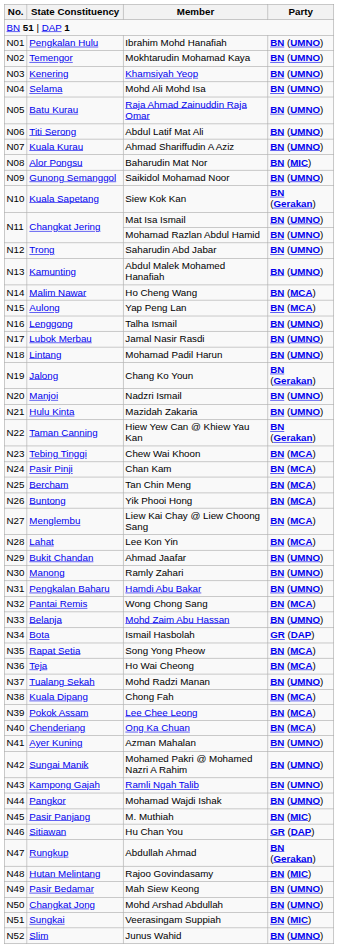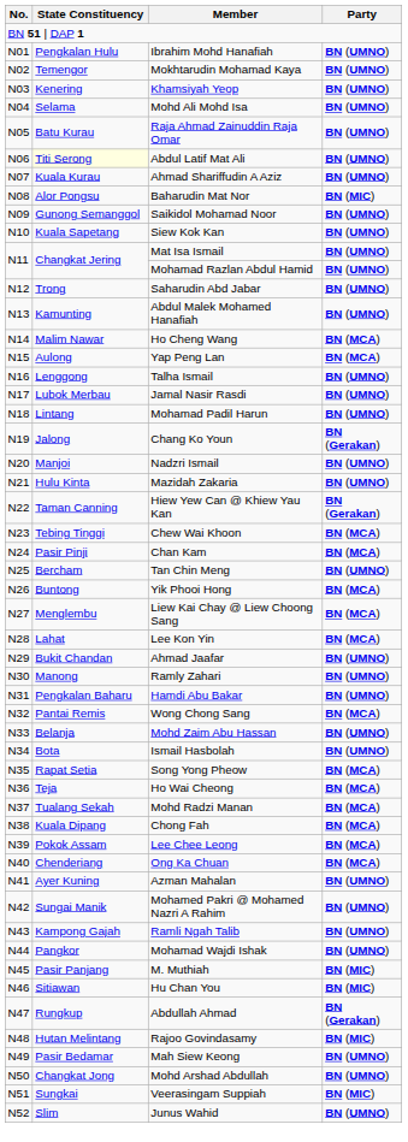 <table class="wikitable sortable">
 <tr>
 <th style="width:30px;">No.</th>
 <th style="width:150px;">State Constituency</th>
 <th style="width:230px;">Member</th>
 <th style="width:100px;">Party</th>
 </tr>
 <tr>
 <td colspan="4"><a href='#'>BN</a> <strong>51</strong> | <a href='#'>DAP</a> <strong>1</strong></td>
 </tr>
 <tr>
 <td>N01</td>
 <td><a href='#'>Pengkalan Hulu</a></td>
 <td>Ibrahim Mohd Hanafiah</td>
 <td><strong><a href='#'>BN</a></strong> (<strong><a href='#'>UMNO</a></strong>)</td>
 </tr>
 <tr>
 <td>N02</td>
 <td><a href='#'>Temengor</a></td>
 <td>Mokhtarudin Mohamad Kaya</td>
 <td><strong><a href='#'>BN</a></strong> (<strong><a href='#'>UMNO</a></strong>)</td>
 </tr>
 <tr>
 <td>N03</td>
 <td><a href='#'>Kenering</a></td>
 <td><a href='#'>Khamsiyah Yeop</a></td>
 <td><strong><a href='#'>BN</a></strong> (<strong><a href='#'>UMNO</a></strong>)</td>
 </tr>
 <tr>
 <td>N04</td>
 <td><a href='#'>Selama</a></td>
 <td>Mohd Ali Mohd Isa</td>
 <td><strong><a href='#'>BN</a></strong> (<strong><a href='#'>UMNO</a></strong>)</td>
 </tr>
 <tr>
 <td>N05</td>
 <td><a href='#'>Batu Kurau</a></td>
 <td><a href='#'>Raja Ahmad Zainuddin Raja Omar</a></td>
 <td><strong><a href='#'>BN</a></strong> (<strong><a href='#'>UMNO</a></strong>)</td>
 </tr>
 <tr>
 <td>N06</td>
-<td><a href='#'>Titi Serong</a></td>
+<td style="background: lightyellow;"><a href='#'>Titi Serong</a></td>
 <td>Abdul Latif Mat Ali</td>
 <td><strong><a href='#'>BN</a></strong> (<strong><a href='#'>UMNO</a></strong>)</td>
 </tr>
 <tr>
 <td>N07</td>
 <td><a href='#'>Kuala Kurau</a></td>
 <td>Ahmad Shariffudin A Aziz</td>
 <td><strong><a href='#'>BN</a></strong> (<strong><a href='#'>UMNO</a></strong>)</td>
 </tr>
 <tr>
 <td>N08</td>
 <td><a href='#'>Alor Pongsu</a></td>
 <td>Baharudin Mat Nor</td>
 <td><strong><a href='#'>BN</a></strong> (<strong><a href='#'>MIC</a></strong>)</td>
 </tr>
 <tr>
 <td>N09</td>
 <td><a href='#'>Gunong Semanggol</a></td>
 <td>Saikidol Mohamad Noor</td>
 <td><strong><a href='#'>BN</a></strong> (<strong><a href='#'>UMNO</a></strong>)</td>
 </tr>
 <tr>
 <td>N10</td>
 <td><a href='#'>Kuala Sapetang</a></td>
 <td>Siew Kok Kan</td>
-<td><strong><a href='#'>BN</a></strong> (<strong><a href='#'>Gerakan</a></strong>)</td>
+<td><strong><a href='#'>BN</a></strong> (<strong><a href='#'>UMNO</a></strong>)</td>
 </tr>
 <tr>
 <td rowspan=2>N11</td>
 <td rowspan=2><a href='#'>Changkat Jering</a></td>
 <td>Mat Isa Ismail </td>
 <td><strong><a href='#'>BN</a></strong> (<strong><a href='#'>UMNO</a></strong>)</td>
 </tr>
 <tr>
 <td>Mohamad Razlan Abdul Hamid </td>
 <td><strong><a href='#'>BN</a></strong> (<strong><a href='#'>UMNO</a></strong>)</td>
 </tr>
 <tr>
 <td>N12</td>
 <td><a href='#'>Trong</a></td>
 <td>Saharudin Abd Jabar</td>
 <td><strong><a href='#'>BN</a></strong> (<strong><a href='#'>UMNO</a></strong>)</td>
 </tr>
 <tr>
 <td>N13</td>
 <td><a href='#'>Kamunting</a></td>
 <td>Abdul Malek Mohamed Hanafiah</td>
 <td><strong><a href='#'>BN</a></strong> (<strong><a href='#'>UMNO</a></strong>)</td>
 </tr>
 <tr>
 <td>N14</td>
 <td><a href='#'>Malim Nawar</a></td>
 <td>Ho Cheng Wang</td>
 <td><strong><a href='#'>BN</a></strong> (<strong><a href='#'>MCA</a></strong>)</td>
 </tr>
 <tr>
 <td>N15</td>
 <td><a href='#'>Aulong</a></td>
 <td>Yap Peng Lan</td>
 <td><strong><a href='#'>BN</a></strong> (<strong><a href='#'>MCA</a></strong>)</td>
 </tr>
 <tr>
 <td>N16</td>
 <td><a href='#'>Lenggong</a></td>
 <td>Talha Ismail</td>
 <td><strong><a href='#'>BN</a></strong> (<strong><a href='#'>UMNO</a></strong>)</td>
 </tr>
 <tr>
 <td>N17</td>
 <td><a href='#'>Lubok Merbau</a></td>
 <td>Jamal Nasir Rasdi</td>
 <td><strong><a href='#'>BN</a></strong> (<strong><a href='#'>UMNO</a></strong>)</td>
 </tr>
 <tr>
 <td>N18</td>
 <td><a href='#'>Lintang</a></td>
 <td>Mohamad Padil Harun</td>
 <td><strong><a href='#'>BN</a></strong> (<strong><a href='#'>UMNO</a></strong>)</td>
 </tr>
 <tr>
 <td>N19</td>
 <td><a href='#'>Jalong</a></td>
 <td>Chang Ko Youn</td>
 <td><strong><a href='#'>BN</a></strong> (<strong><a href='#'>Gerakan</a></strong>)</td>
 </tr>
 <tr>
 <td>N20</td>
 <td><a href='#'>Manjoi</a></td>
 <td>Nadzri Ismail</td>
 <td><strong><a href='#'>BN</a></strong> (<strong><a href='#'>UMNO</a></strong>)</td>
 </tr>
 <tr>
 <td>N21</td>
 <td><a href='#'>Hulu Kinta</a></td>
 <td>Mazidah Zakaria</td>
 <td><strong><a href='#'>BN</a></strong> (<strong><a href='#'>UMNO</a></strong>)</td>
 </tr>
 <tr>
 <td>N22</td>
 <td><a href='#'>Taman Canning</a></td>
 <td>Hiew Yew Can @ Khiew Yau Kan</td>
 <td><strong><a href='#'>BN</a></strong> (<strong><a href='#'>Gerakan</a></strong>)</td>
 </tr>
 <tr>
 <td>N23</td>
 <td><a href='#'>Tebing Tinggi</a></td>
 <td>Chew Wai Khoon</td>
 <td><strong><a href='#'>BN</a></strong> (<strong><a href='#'>MCA</a></strong>)</td>
 </tr>
 <tr>
 <td>N24</td>
 <td><a href='#'>Pasir Pinji</a></td>
 <td>Chan Kam</td>
 <td><strong><a href='#'>BN</a></strong> (<strong><a href='#'>MCA</a></strong>)</td>
 </tr>
 <tr>
 <td>N25</td>
 <td><a href='#'>Bercham</a></td>
 <td>Tan Chin Meng</td>
-<td><strong><a href='#'>BN</a></strong> (<strong><a href='#'>MCA</a></strong>)</td>
+<td><strong><a href='#'>BN</a></strong> (<strong><a href='#'>UMNO</a></strong>)</td>
 </tr>
 <tr>
 <td>N26</td>
 <td><a href='#'>Buntong</a></td>
 <td>Yik Phooi Hong</td>
 <td><strong><a href='#'>BN</a></strong> (<strong><a href='#'>MCA</a></strong>)</td>
 </tr>
 <tr>
 <td>N27</td>
 <td><a href='#'>Menglembu</a></td>
 <td>Liew Kai Chay @ Liew Choong Sang</td>
 <td><strong><a href='#'>BN</a></strong> (<strong><a href='#'>MCA</a></strong>)</td>
 </tr>
 <tr>
 <td>N28</td>
 <td><a href='#'>Lahat</a></td>
 <td>Lee Kon Yin</td>
 <td><strong><a href='#'>BN</a></strong> (<strong><a href='#'>MCA</a></strong>)</td>
 </tr>
 <tr>
 <td>N29</td>
 <td><a href='#'>Bukit Chandan</a></td>
 <td>Ahmad Jaafar</td>
 <td><strong><a href='#'>BN</a></strong> (<strong><a href='#'>UMNO</a></strong>)</td>
 </tr>
 <tr>
 <td>N30</td>
 <td><a href='#'>Manong</a></td>
 <td>Ramly Zahari</td>
 <td><strong><a href='#'>BN</a></strong> (<strong><a href='#'>UMNO</a></strong>)</td>
 </tr>
 <tr>
 <td>N31</td>
 <td><a href='#'>Pengkalan Baharu</a></td>
 <td><a href='#'>Hamdi Abu Bakar</a></td>
 <td><strong><a href='#'>BN</a></strong> (<strong><a href='#'>UMNO</a></strong>)</td>
 </tr>
 <tr>
 <td>N32</td>
 <td><a href='#'>Pantai Remis</a></td>
 <td>Wong Chong Sang</td>
 <td><strong><a href='#'>BN</a></strong> (<strong><a href='#'>MCA</a></strong>)</td>
 </tr>
 <tr>
 <td>N33</td>
 <td><a href='#'>Belanja</a></td>
 <td><a href='#'>Mohd Zaim Abu Hassan</a></td>
 <td><strong><a href='#'>BN</a></strong> (<strong><a href='#'>UMNO</a></strong>)</td>
 </tr>
 <tr>
 <td>N34</td>
 <td><a href='#'>Bota</a></td>
 <td>Ismail Hasbolah</td>
-<td><strong><a href='#'>GR</a></strong> (<strong><a href='#'>DAP</a></strong>)</td>
+<td><strong><a href='#'>BN</a></strong> (<strong><a href='#'>UMNO</a></strong>)</td>
 </tr>
 <tr>
 <td>N35</td>
 <td><a href='#'>Rapat Setia</a></td>
 <td>Song Yong Pheow</td>
 <td><strong><a href='#'>BN</a></strong> (<strong><a href='#'>MCA</a></strong>)</td>
 </tr>
 <tr>
 <td>N36</td>
 <td><a href='#'>Teja</a></td>
 <td>Ho Wai Cheong</td>
 <td><strong><a href='#'>BN</a></strong> (<strong><a href='#'>MCA</a></strong>)</td>
 </tr>
 <tr>
 <td>N37</td>
 <td><a href='#'>Tualang Sekah</a></td>
 <td>Mohd Radzi Manan</td>
-<td><strong><a href='#'>BN</a></strong> (<strong><a href='#'>UMNO</a></strong>)</td>
+<td><strong><a href='#'>BN</a></strong> (<strong><a href='#'>MCA</a></strong>)</td>
 </tr>
 <tr>
 <td>N38</td>
 <td><a href='#'>Kuala Dipang</a></td>
 <td>Chong Fah</td>
 <td><strong><a href='#'>BN</a></strong> (<strong><a href='#'>MCA</a></strong>)</td>
 </tr>
 <tr>
 <td>N39</td>
 <td><a href='#'>Pokok Assam</a></td>
 <td><a href='#'>Lee Chee Leong</a></td>
 <td><strong><a href='#'>BN</a></strong> (<strong><a href='#'>MCA</a></strong>)</td>
 </tr>
 <tr>
 <td>N40</td>
 <td><a href='#'>Chenderiang</a></td>
 <td><a href='#'>Ong Ka Chuan</a></td>
 <td><strong><a href='#'>BN</a></strong> (<strong><a href='#'>MCA</a></strong>)</td>
 </tr>
 <tr>
 <td>N41</td>
 <td><a href='#'>Ayer Kuning</a></td>
 <td>Azman Mahalan</td>
 <td><strong><a href='#'>BN</a></strong> (<strong><a href='#'>UMNO</a></strong>)</td>
 </tr>
 <tr>
 <td>N42</td>
 <td><a href='#'>Sungai Manik</a></td>
 <td>Mohamed Pakri @ Mohamed Nazri A Rahim</td>
 <td><strong><a href='#'>BN</a></strong> (<strong><a href='#'>UMNO</a></strong>)</td>
 </tr>
 <tr>
 <td>N43</td>
 <td><a href='#'>Kampong Gajah</a></td>
 <td><a href='#'>Ramli Ngah Talib</a></td>
 <td><strong><a href='#'>BN</a></strong> (<strong><a href='#'>UMNO</a></strong>)</td>
 </tr>
 <tr>
 <td>N44</td>
 <td><a href='#'>Pangkor</a></td>
 <td>Mohamad Wajdi Ishak</td>
 <td><strong><a href='#'>BN</a></strong> (<strong><a href='#'>UMNO</a></strong>)</td>
 </tr>
 <tr>
 <td>N45</td>
 <td><a href='#'>Pasir Panjang</a></td>
 <td>M. Muthiah</td>
 <td><strong><a href='#'>BN</a></strong> (<strong><a href='#'>MIC</a></strong>)</td>
 </tr>
 <tr>
 <td>N46</td>
 <td><a href='#'>Sitiawan</a></td>
 <td>Hu Chan You</td>
-<td><strong><a href='#'>GR</a></strong> (<strong><a href='#'>DAP</a></strong>)</td>
+<td><strong><a href='#'>BN</a></strong> (<strong><a href='#'>MIC</a></strong>)</td>
 </tr>
 <tr>
 <td>N47</td>
 <td><a href='#'>Rungkup</a></td>
 <td>Abdullah Ahmad</td>
 <td><strong><a href='#'>BN</a></strong> (<strong><a href='#'>Gerakan</a></strong>)</td>
 </tr>
 <tr>
 <td>N48</td>
 <td><a href='#'>Hutan Melintang</a></td>
 <td>Rajoo Govindasamy</td>
 <td><strong><a href='#'>BN</a></strong> (<strong><a href='#'>MIC</a></strong>)</td>
 </tr>
 <tr>
 <td>N49</td>
 <td><a href='#'>Pasir Bedamar</a></td>
 <td>Mah Siew Keong</td>
 <td><strong><a href='#'>BN</a></strong> (<strong><a href='#'>UMNO</a></strong>)</td>
 </tr>
 <tr>
 <td>N50</td>
 <td><a href='#'>Changkat Jong</a></td>
 <td>Mohd Arshad Abdullah</td>
 <td><strong><a href='#'>BN</a></strong> (<strong><a href='#'>UMNO</a></strong>)</td>
 </tr>
 <tr>
 <td>N51</td>
 <td><a href='#'>Sungkai</a></td>
 <td>Veerasingam Suppiah</td>
 <td><strong><a href='#'>BN</a></strong> (<strong><a href='#'>MIC</a></strong>)</td>
 </tr>
 <tr>
 <td>N52</td>
 <td><a href='#'>Slim</a></td>
 <td>Junus Wahid</td>
 <td><strong><a href='#'>BN</a></strong> (<strong><a href='#'>UMNO</a></strong>)</td>
 </tr>
 </table>
